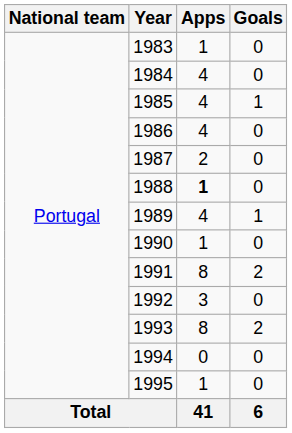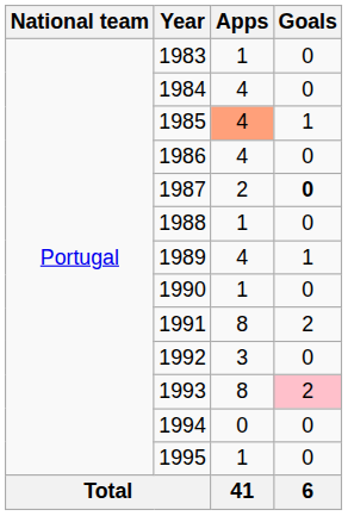 <table class="wikitable" style="text-align:center">
 <tr>
 <th>National team</th>
 <th>Year</th>
 <th>Apps</th>
 <th>Goals</th>
 </tr>
 <tr>
 <td rowspan="13"><a href='#'>Portugal</a></td>
 <td>1983</td>
 <td>1</td>
 <td>0</td>
 </tr>
 <tr>
 <td>1984</td>
 <td>4</td>
 <td>0</td>
 </tr>
 <tr>
 <td>1985</td>
-<td>4</td>
+<td style="background: lightsalmon;">4</td>
 <td>1</td>
 </tr>
 <tr>
 <td>1986</td>
 <td>4</td>
 <td>0</td>
 </tr>
 <tr>
 <td>1987</td>
 <td>2</td>
-<td>0</td>
+<td><strong>0</strong></td>
 </tr>
 <tr>
 <td>1988</td>
-<td><strong>1</strong></td>
+<td>1</td>
 <td>0</td>
 </tr>
 <tr>
 <td>1989</td>
 <td>4</td>
 <td>1</td>
 </tr>
 <tr>
 <td>1990</td>
 <td>1</td>
 <td>0</td>
 </tr>
 <tr>
 <td>1991</td>
 <td>8</td>
 <td>2</td>
 </tr>
 <tr>
 <td>1992</td>
 <td>3</td>
 <td>0</td>
 </tr>
 <tr>
 <td>1993</td>
 <td>8</td>
-<td>2</td>
+<td style="background: pink;">2</td>
 </tr>
 <tr>
 <td>1994</td>
 <td>0</td>
 <td>0</td>
 </tr>
 <tr>
 <td>1995</td>
 <td>1</td>
 <td>0</td>
 </tr>
 <tr>
 <th colspan="2">Total</th>
 <th>41</th>
 <th>6</th>
 </tr>
 </table>
